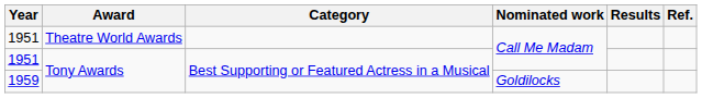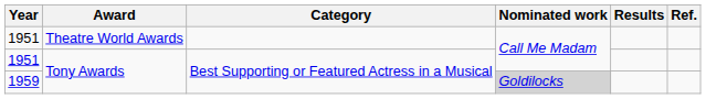 <table class="wikitable">
 <tr>
 <th>Year</th>
 <th>Award</th>
 <th>Category</th>
 <th>Nominated work</th>
 <th>Results</th>
 <th>Ref.</th>
 </tr>
 <tr>
 <td>1951</td>
 <td><a href='#'>Theatre World Awards</a></td>
 <td></td>
 <td rowspan="2"><em><a href='#'>Call Me Madam</a></em></td>
 <td></td>
 <td align="center"></td>
 </tr>
 <tr>
 <td><a href='#'>1951</a></td>
 <td rowspan="2"><a href='#'>Tony Awards</a></td>
 <td rowspan="2"><a href='#'>Best Supporting or Featured Actress in a Musical</a></td>
 <td></td>
 <td align="center"></td>
 </tr>
 <tr>
 <td><a href='#'>1959</a></td>
-<td><em><a href='#'>Goldilocks</a></em></td>
+<td style="background: lightgrey;"><em><a href='#'>Goldilocks</a></em></td>
 <td></td>
 <td align="center"></td>
 </tr>
 </table>
